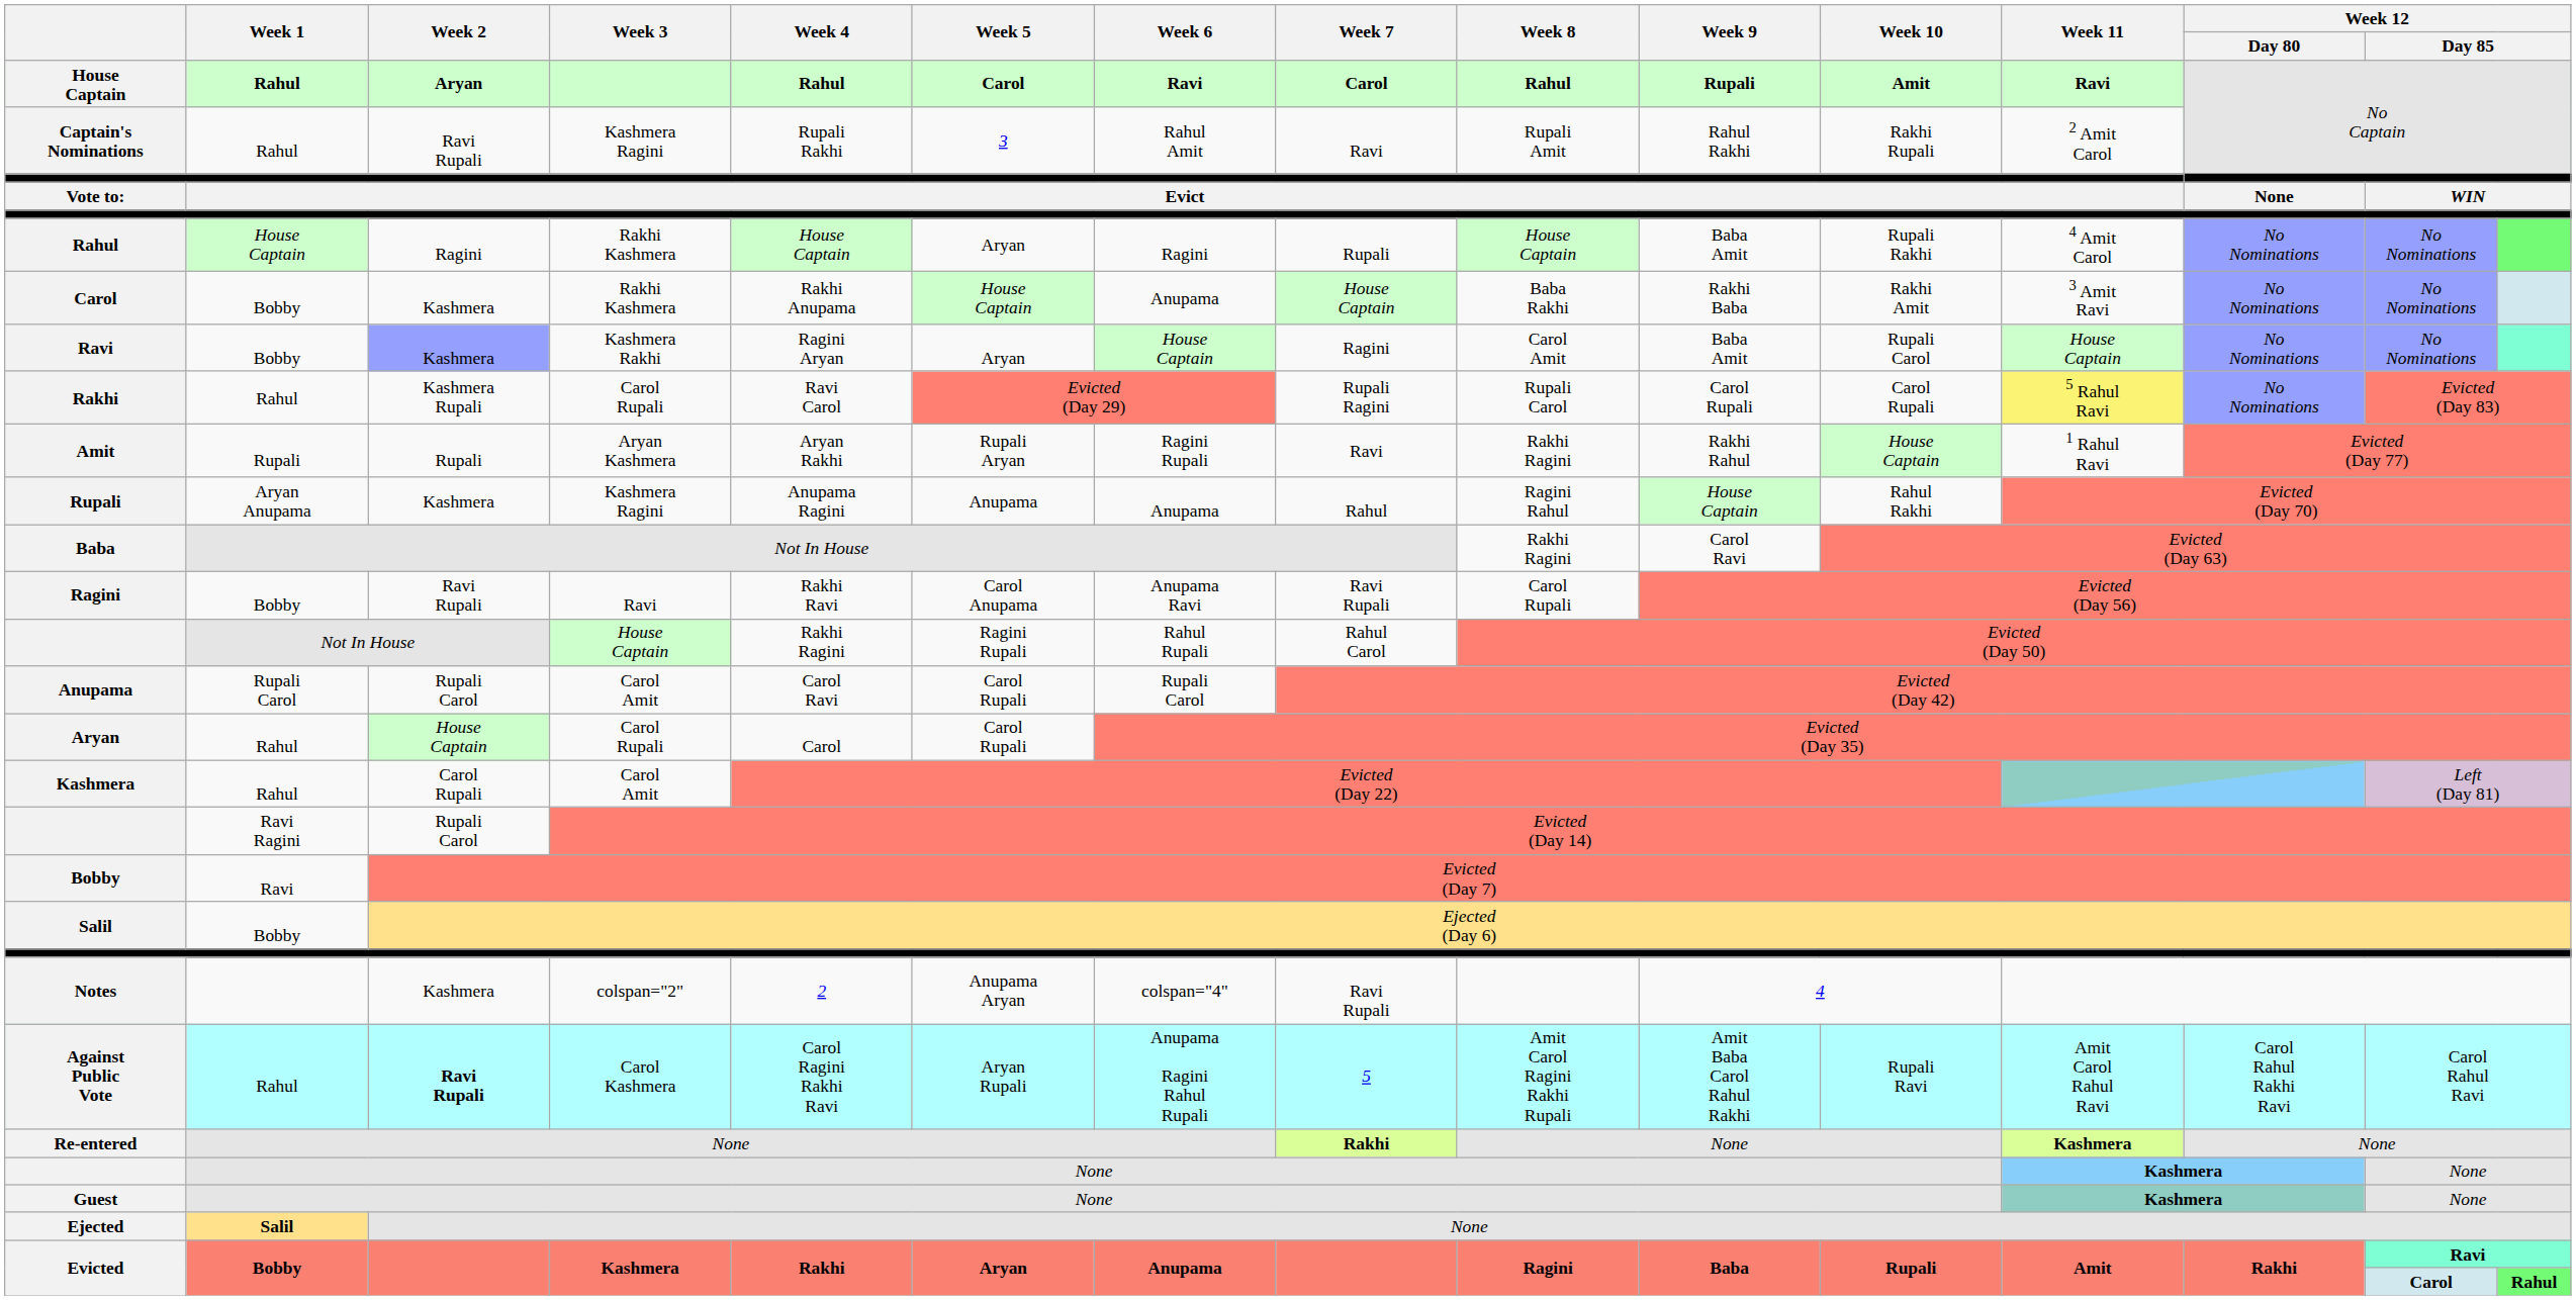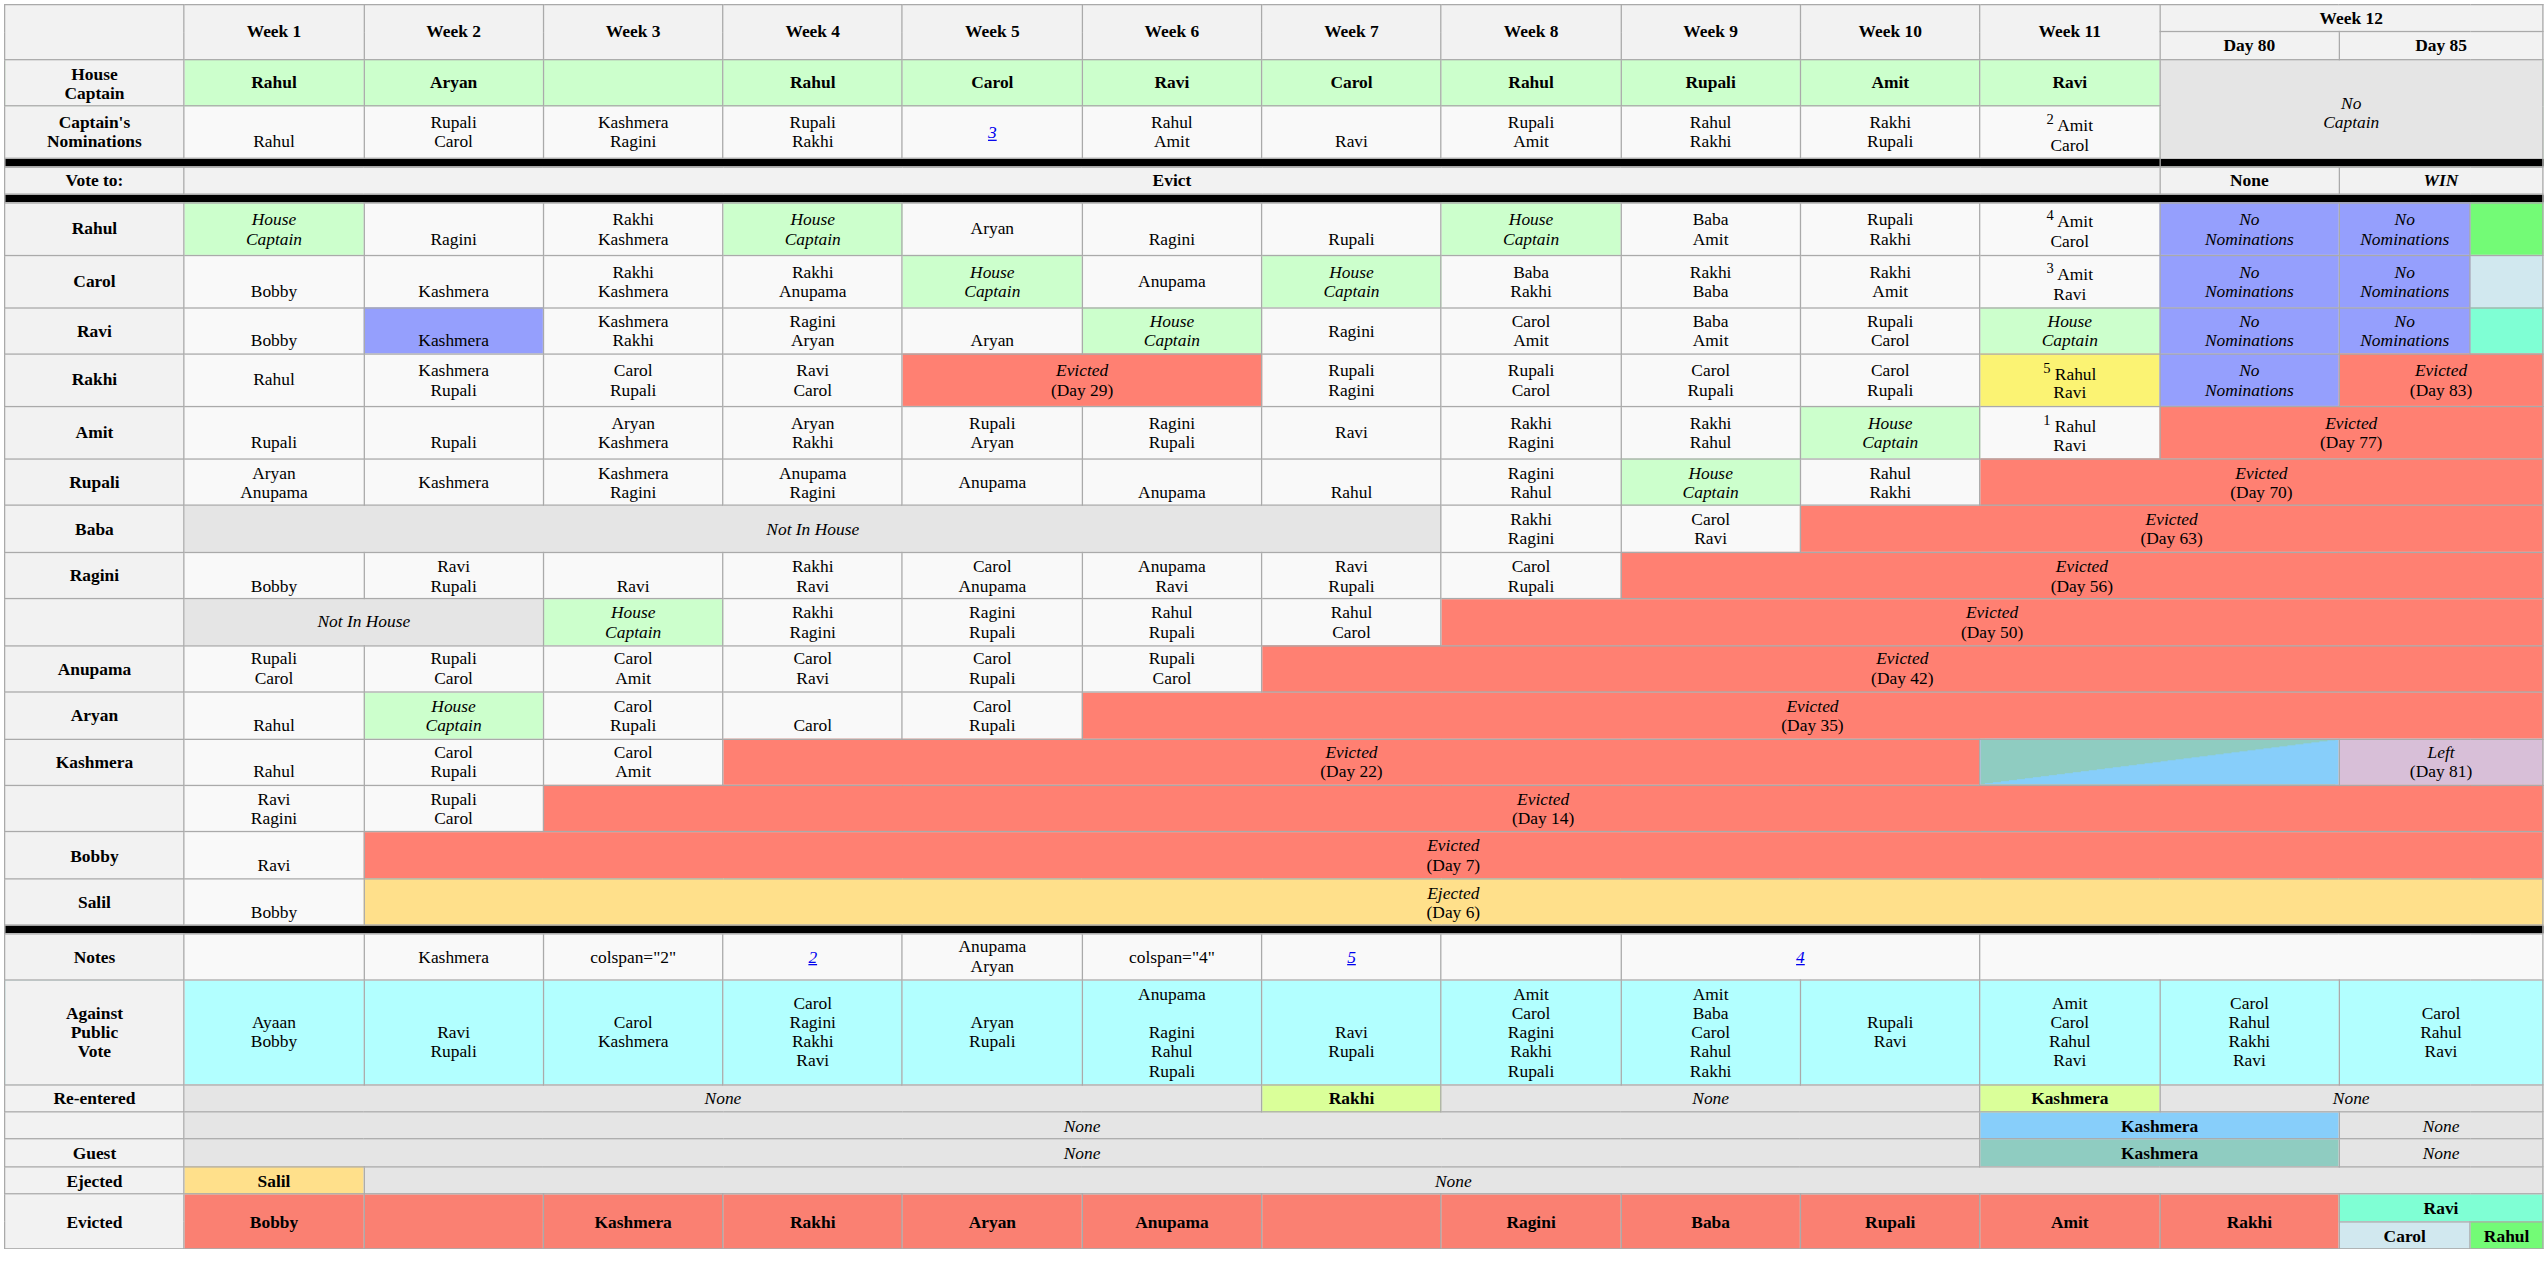 <table class="wikitable" style="text-align:center; width:100%; font-size:85%; line-height:15px;">
 <tr>
 <th rowspan="2" style="width: 5%;"></th>
 <th rowspan="2" style="width: 5%;">Week 1</th>
 <th rowspan="2" style="width: 5%;">Week 2</th>
 <th rowspan="2" style="width: 5%;">Week 3</th>
 <th rowspan="2" style="width: 5%;">Week 4</th>
 <th rowspan="2" style="width: 5%;">Week 5</th>
 <th rowspan="2" style="width: 5%;">Week 6</th>
 <th rowspan="2" style="width: 5%;">Week 7</th>
 <th rowspan="2" style="width: 5%;">Week 8</th>
 <th rowspan="2" style="width: 5%;">Week 9</th>
 <th rowspan="2" style="width: 5%;">Week 10</th>
 <th rowspan="2" style="width: 5%;">Week 11</th>
 <th colspan="3" style="width: 5%;" style="background:gold;">Week 12</th>
 </tr>
 <tr>
 <th style="width: 5%;">Day 80</th>
 <th colspan="2" style="width: 5%;" style="background:gold;">Day 85</th>
 </tr>
 <tr style="background:#cfc;">
 <th rowspan="1">House<br>Captain</th>
 <td rowspan="1"><strong>Rahul</strong></td>
 <td rowspan="1"><strong>Aryan</strong></td>
 <td rowspan="1"><strong></strong></td>
 <td rowspan="1"><strong>Rahul</strong></td>
 <td rowspan="1"><strong>Carol</strong></td>
 <td rowspan="1"><strong>Ravi</strong></td>
 <td rowspan="1"><strong>Carol</strong></td>
 <td rowspan="1"><strong>Rahul</strong></td>
 <td rowspan="1"><strong>Rupali</strong></td>
 <td rowspan="1"><strong>Amit</strong></td>
 <td rowspan="1"><strong>Ravi</strong></td>
 <td colspan="3" rowspan="3" style="background:#E5E5E5;"><em>No<br>Captain</em></td>
 </tr>
 <tr>
 <th>Captain's<br>Nominations</th>
 <td><br>Rahul</td>
-<td><br>Ravi<br>Rupali</td>
+<td>Rupali<br>Carol</td>
 <td>Kashmera<br>Ragini</td>
 <td>Rupali<br>Rakhi</td>
 <td><em><a href='#'>3</a></em></td>
 <td>Rahul<br>Amit</td>
 <td><br>Ravi</td>
 <td>Rupali<br>Amit</td>
 <td>Rahul<br>Rakhi</td>
 <td>Rakhi<br>Rupali</td>
 <td><sup>2</sup> Amit<br>Carol</td>
 </tr>
 <tr>
 <th colspan="15" style="background:#000;"></th>
 </tr>
 <tr>
 <th>Vote to:</th>
 <th colspan="11">Evict</th>
 <th>None</th>
 <th colspan="2"><em>WIN</em></th>
 </tr>
 <tr>
 <th colspan="15" style="background:#000;"></th>
 </tr>
 <tr>
 <th>Rahul</th>
 <td style="background:#cfc;"><em>House<br>Captain</em></td>
 <td><br>Ragini</td>
 <td>Rakhi<br>Kashmera</td>
 <td style="background:#cfc;"><em>House<br>Captain</em></td>
 <td>Aryan</td>
 <td><br>Ragini</td>
 <td><br>Rupali</td>
 <td style="background:#cfc;"><em>House<br>Captain</em></td>
 <td>Baba<br>Amit</td>
 <td>Rupali<br>Rakhi</td>
 <td><sup>4</sup> Amit<br>Carol</td>
 <td style="background:#959FFD;"><em>No<br>Nominations</em></td>
 <td style="background:#959FFD;"><em>No<br>Nominations</em></td>
 <td style="background:#73FB76"></td>
 </tr>
 <tr>
 <th>Carol</th>
 <td><br>Bobby</td>
 <td><br>Kashmera</td>
 <td>Rakhi<br>Kashmera</td>
 <td>Rakhi<br>Anupama</td>
 <td style="background:#cfc;"><em>House<br>Captain</em></td>
 <td>Anupama<br></td>
 <td style="background:#cfc;"><em>House<br>Captain</em></td>
 <td>Baba<br>Rakhi</td>
 <td>Rakhi<br>Baba</td>
 <td>Rakhi<br>Amit</td>
 <td><sup>3</sup> Amit<br>Ravi</td>
 <td style="background:#959FFD;"><em>No<br>Nominations</em></td>
 <td style="background:#959FFD;"><em>No<br>Nominations</em></td>
 <td style="background:#D1E8EF"></td>
 </tr>
 <tr>
 <th>Ravi</th>
 <td><br>Bobby</td>
 <td style="background:#959FFD;"><br>Kashmera</td>
 <td>Kashmera<br>Rakhi</td>
 <td>Ragini<br>Aryan</td>
 <td><br>Aryan</td>
 <td style="background:#cfc;"><em>House<br>Captain</em></td>
 <td>Ragini<br></td>
 <td>Carol<br>Amit</td>
 <td>Baba<br>Amit</td>
 <td>Rupali<br>Carol</td>
 <td style="background:#cfc;"><em>House<br>Captain</em></td>
 <td style="background:#959FFD;"><em>No<br>Nominations</em></td>
 <td style="background:#959FFD;"><em>No<br>Nominations</em></td>
 <td style="background:#7FFFD4;"></td>
 </tr>
 <tr>
 <th>Rakhi</th>
 <td>Rahul<br></td>
 <td>Kashmera<br>Rupali</td>
 <td>Carol<br>Rupali</td>
 <td>Ravi<br>Carol</td>
 <td colspan="2" style="background:#FF8072;"><em>Evicted</em><br>(Day 29)</td>
 <td>Rupali<br>Ragini</td>
 <td>Rupali<br>Carol</td>
 <td>Carol<br>Rupali</td>
 <td>Carol<br>Rupali</td>
 <td style="background:#FBF373;"><sup>5</sup> Rahul<br>Ravi</td>
 <td style="background:#959FFD;"><em>No<br>Nominations</em></td>
 <td colspan="2" style="background:#FF8072;"><em>Evicted</em><br>(Day 83)</td>
 </tr>
 <tr>
 <th>Amit</th>
 <td><br>Rupali</td>
 <td><br>Rupali</td>
 <td>Aryan<br>Kashmera</td>
 <td>Aryan<br>Rakhi</td>
 <td>Rupali<br>Aryan</td>
 <td>Ragini<br>Rupali</td>
 <td>Ravi<br></td>
 <td>Rakhi<br>Ragini</td>
 <td>Rakhi<br>Rahul</td>
 <td style="background:#cfc;"><em>House<br>Captain</em></td>
 <td><sup>1</sup> Rahul<br>Ravi</td>
 <td colspan="3" style="background:#FF8072;"><em>Evicted</em><br>(Day 77)</td>
 </tr>
 <tr>
 <th>Rupali</th>
 <td>Aryan<br>Anupama</td>
 <td>Kashmera<br></td>
 <td>Kashmera<br>Ragini</td>
 <td>Anupama<br>Ragini</td>
 <td>Anupama<br></td>
 <td><br>Anupama</td>
 <td><br>Rahul</td>
 <td>Ragini<br>Rahul</td>
 <td style="background:#cfc;"><em>House<br>Captain</em></td>
 <td>Rahul<br>Rakhi</td>
 <td colspan="4" style="background:#FF8072;"><em>Evicted</em><br>(Day 70)</td>
 </tr>
 <tr>
 <th>Baba</th>
 <td colspan="7" style="background:#E5E5E5;"><em>Not In House</em></td>
 <td>Rakhi<br>Ragini</td>
 <td>Carol<br>Ravi</td>
 <td colspan="5" style="background:#FF8072;"><em>Evicted</em><br>(Day 63)</td>
 </tr>
 <tr>
 <th>Ragini</th>
 <td><br>Bobby</td>
 <td>Ravi<br>Rupali</td>
 <td><br>Ravi</td>
 <td>Rakhi<br>Ravi</td>
 <td>Carol<br>Anupama</td>
 <td>Anupama<br>Ravi</td>
 <td>Ravi<br>Rupali</td>
 <td>Carol<br>Rupali</td>
 <td colspan="6" style="background:#FF8072;"><em>Evicted</em><br>(Day 56)</td>
 </tr>
 <tr>
 <th></th>
 <td colspan="2" style="background:#E5E5E5;"><em>Not In House</em></td>
 <td style="background:#cfc;"><em>House<br>Captain</em></td>
 <td>Rakhi<br>Ragini</td>
 <td>Ragini<br>Rupali</td>
 <td>Rahul<br>Rupali</td>
 <td>Rahul<br>Carol</td>
 <td colspan="7" style="background:#FF8072;"><em>Evicted</em><br>(Day 50)</td>
 </tr>
 <tr>
 <th>Anupama</th>
 <td>Rupali<br>Carol</td>
 <td>Rupali<br>Carol</td>
 <td>Carol<br>Amit</td>
 <td>Carol<br>Ravi</td>
 <td>Carol<br>Rupali</td>
 <td>Rupali<br>Carol</td>
 <td colspan="8" style="background:#FF8072;"><em>Evicted</em><br>(Day 42)</td>
 </tr>
 <tr>
 <th>Aryan</th>
 <td><br>Rahul</td>
 <td style="background:#cfc;"><em>House<br>Captain</em></td>
 <td>Carol<br>Rupali</td>
 <td><br>Carol</td>
 <td>Carol<br>Rupali</td>
 <td colspan="9" style="background:#FF8072;"><em>Evicted</em><br>(Day 35)</td>
 </tr>
 <tr>
 <th>Kashmera</th>
 <td><br>Rahul</td>
 <td>Carol<br>Rupali</td>
 <td>Carol<br>Amit</td>
 <td colspan="7" style="background:#FF8072;"><em>Evicted</em><br>(Day 22)</td>
 <td colspan="2" style="background-image: linear-gradient(to right bottom, #8FCCC1 50%, #87CEFA 50%);"></td>
 <td colspan="2" style="background:#D8BFD8;"><em>Left</em><br>(Day 81)</td>
 </tr>
 <tr>
 <th></th>
 <td>Ravi<br>Ragini</td>
 <td>Rupali<br>Carol</td>
 <td colspan="12" style="background:#FF8072;"><em>Evicted</em><br>(Day 14)</td>
 </tr>
 <tr>
 <th>Bobby</th>
 <td><br>Ravi</td>
 <td colspan="13" style="background:#FF8072;"><em>Evicted</em><br>(Day 7)</td>
 </tr>
 <tr>
 <th>Salil</th>
 <td><br>Bobby</td>
 <td colspan="13" style="background:#FFE08B;"><em>Ejected</em><br>(Day 6)</td>
 </tr>
 <tr>
 <th colspan="15" style="background:#000;"></th>
 </tr>
 <tr>
 <th>Notes</th>
 <td></td>
 <td>Kashmera<br></td>
 <td>colspan="2" </td>
 <td><em><a href='#'>2</a></em></td>
 <td>Anupama<br>Aryan</td>
 <td>colspan="4" </td>
-<td><br>Ravi<br>Rupali</td>
+<td><em><a href='#'>5</a></em></td>
 <td></td>
 <td colspan="2"><em><a href='#'>4</a></em></td>
 </tr>
 <tr style="background:#B2FFFF"|>
 <th>Against<br>Public<br>Vote</th>
-<td><br>Rahul</td>
-<td><strong><br>Ravi<br>Rupali</strong></td>
+<td>Ayaan<br>Bobby<br></td>
+<td><br>Ravi<br>Rupali</td>
 <td>Carol<br>Kashmera</td>
 <td>Carol<br>Ragini<br>Rakhi<br>Ravi</td>
 <td>Aryan<br>Rupali</td>
 <td>Anupama<br><br>Ragini<br>Rahul<br>Rupali</td>
-<td><em><a href='#'>5</a></em></td>
+<td><br>Ravi<br>Rupali</td>
 <td>Amit<br>Carol<br>Ragini<br>Rakhi<br>Rupali</td>
 <td>Amit<br>Baba<br>Carol<br>Rahul<br>Rakhi</td>
 <td>Rupali<br>Ravi</td>
 <td>Amit<br>Carol<br>Rahul<br>Ravi</td>
 <td>Carol<br>Rahul<br>Rakhi<br>Ravi</td>
 <td colspan="2">Carol<br>Rahul<br>Ravi</td>
 </tr>
 <tr>
 <th>Re-entered</th>
 <td colspan="6" style="background:#E5E5E5;"><em>None</em></td>
 <td style="background:#DAFF99;"><strong>Rakhi</strong></td>
 <td colspan="3" style="background:#E5E5E5;"><em>None</em></td>
 <td style="background:#DAFF99;"><strong>Kashmera</strong></td>
 <td colspan="3" style="background:#E5E5E5;"><em>None</em></td>
 </tr>
 <tr>
 <th></th>
 <td colspan="10" style="background:#E5E5E5;"><em>None</em></td>
 <td colspan="2" style="background:#87CEFA;"><strong>Kashmera</strong></td>
 <td colspan="2" style="background:#E5E5E5;"><em>None</em></td>
 </tr>
 <tr>
 <th>Guest</th>
 <td colspan="10" style="background:#E5E5E5;"><em>None</em></td>
 <td colspan="2" style="background:#8FCCC1;"><strong>Kashmera</strong></td>
 <td colspan="2" style="background:#E5E5E5;"><em>None</em></td>
 </tr>
 <tr>
 <th>Ejected</th>
 <td style="background:#FFE08B"><strong>Salil</strong></td>
 <td colspan="13" style="background:#E5E5E5;"><em>None</em></td>
 </tr>
 <tr>
 <th rowspan="2">Evicted</th>
 <td rowspan="2" style="background:#FA8072"><strong>Bobby</strong></td>
 <td rowspan="2" style="background:#FA8072"><strong></strong></td>
 <td rowspan="2" style="background:#FA8072"><strong>Kashmera</strong></td>
 <td rowspan="2" style="background:#FA8072"><strong>Rakhi</strong></td>
 <td rowspan="2" style="background:#FA8072"><strong>Aryan</strong></td>
 <td rowspan="2" style="background:#FA8072"><strong>Anupama</strong></td>
 <td rowspan="2" style="background:#FA8072"><strong></strong></td>
 <td rowspan="2" style="background:#FA8072"><strong>Ragini</strong></td>
 <td rowspan="2" style="background:#FA8072"><strong>Baba</strong></td>
 <td rowspan="2" style="background:#FA8072"><strong>Rupali</strong></td>
 <td rowspan="2" style="background:#FA8072"><strong>Amit</strong></td>
 <td rowspan="2" style="background:#FA8072"><strong>Rakhi</strong></td>
 <td colspan="2" style="background:#7FFFD4"><strong>Ravi</strong></td>
 </tr>
 <tr>
 <td style="background:#D1E8EF"><strong>Carol</strong></td>
 <td style="background:#73FB76"><strong>Rahul</strong></td>
 </tr>
 </table>
